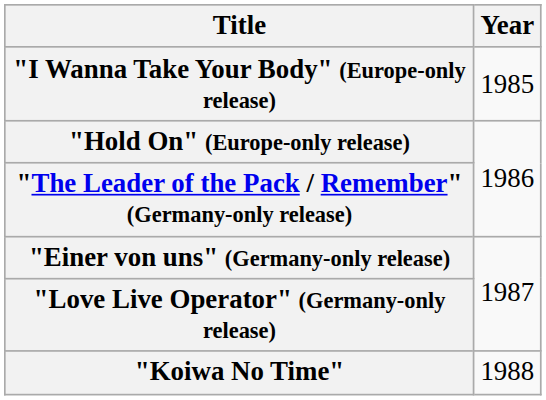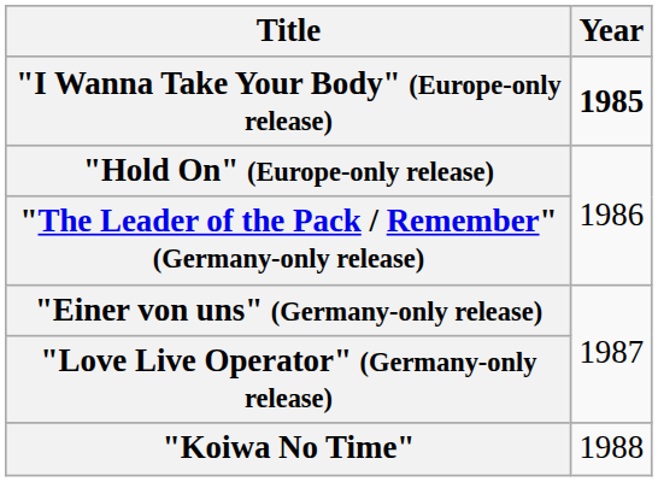 <table class="wikitable plainrowheaders" style="text-align:center;">
 <tr>
 <th scope="col" style="width:17em;">Title</th>
 <th scope="col" style="width:2em;">Year</th>
 </tr>
 <tr>
 <th scope="row">"I Wanna Take Your Body" <small>(Europe-only release)</small></th>
-<td>1985</td>
+<td><strong>1985</strong></td>
 </tr>
 <tr>
 <th scope="row">"Hold On" <small>(Europe-only release)</small></th>
 <td rowspan="2">1986</td>
 </tr>
 <tr>
 <th scope="row">"<a href='#'>The Leader of the Pack</a> / <a href='#'>Remember</a>" <small>(Germany-only release)</small></th>
 </tr>
 <tr>
 <th scope="row">"Einer von uns" <small>(Germany-only release)</small></th>
 <td rowspan="2">1987</td>
 </tr>
 <tr>
 <th scope="row">"Love Live Operator" <small>(Germany-only release)</small></th>
 </tr>
 <tr>
 <th scope="row">"Koiwa No Time"</th>
 <td>1988</td>
 </tr>
 </table>
